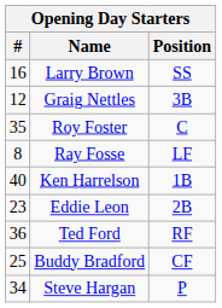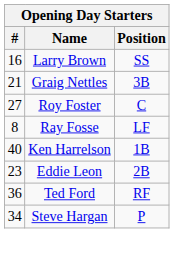 <table class="wikitable" style="text-align:center">
 <tr>
 <th colspan="3">Opening Day Starters</th>
 </tr>
 <tr>
 <th>#</th>
 <th>Name</th>
 <th>Position</th>
 </tr>
 <tr>
 <td>16</td>
 <td><a href='#'>Larry Brown</a></td>
 <td><a href='#'>SS</a></td>
 </tr>
 <tr>
-<td>12</td>
+<td>21</td>
 <td><a href='#'>Graig Nettles</a></td>
 <td><a href='#'>3B</a></td>
 </tr>
 <tr>
-<td>35</td>
+<td>27</td>
 <td><a href='#'>Roy Foster</a></td>
 <td><a href='#'>C</a></td>
 </tr>
 <tr>
 <td>8</td>
 <td><a href='#'>Ray Fosse</a></td>
 <td><a href='#'>LF</a></td>
 </tr>
 <tr>
 <td>40</td>
 <td><a href='#'>Ken Harrelson</a></td>
 <td><a href='#'>1B</a></td>
 </tr>
 <tr>
 <td>23</td>
 <td><a href='#'>Eddie Leon</a></td>
 <td><a href='#'>2B</a></td>
 </tr>
 <tr>
 <td>36</td>
 <td><a href='#'>Ted Ford</a></td>
 <td><a href='#'>RF</a></td>
 </tr>
 <tr>
-<td>25</td>
-<td><a href='#'>Buddy Bradford</a></td>
-<td><a href='#'>CF</a></td>
-</tr>
-<tr>
 <td>34</td>
 <td><a href='#'>Steve Hargan</a></td>
 <td><a href='#'>P</a></td>
 </tr>
 </table>
